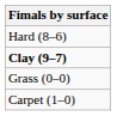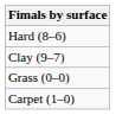 <table class="wikitable">
 <tr>
 <th>Fimals by surface</th>
 </tr>
 <tr>
 <td>Hard (8–6)</td>
 </tr>
 <tr>
-<td><strong>Clay (9–7)</strong></td>
+<td>Clay (9–7)</td>
 </tr>
 <tr>
 <td>Grass (0–0)</td>
 </tr>
 <tr>
 <td>Carpet (1–0)</td>
 </tr>
 </table>
